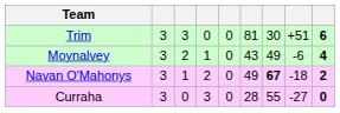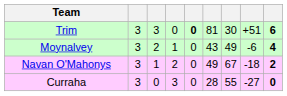 <table class="wikitable" style="text-align:center">
 <tr>
 <th style="width:175px;">Team</th>
 <th width="20"></th>
 <th width="20"></th>
 <th width="20"></th>
 <th width="20"></th>
 <th width="20"></th>
 <th width="20"></th>
 <th width="20"></th>
 <th width="20"></th>
 </tr>
 <tr style="background:#cfc;">
 <td><a href='#'>Trim</a></td>
 <td>3</td>
 <td>3</td>
 <td>0</td>
-<td>0</td>
+<td><strong>0</strong></td>
 <td>81</td>
 <td>30</td>
 <td>+51</td>
 <td><strong>6</strong></td>
 </tr>
 <tr style="background:#cfc;">
 <td><a href='#'>Moynalvey</a></td>
 <td>3</td>
 <td>2</td>
 <td>1</td>
 <td>0</td>
 <td>43</td>
 <td>49</td>
 <td>-6</td>
 <td><strong>4</strong></td>
 </tr>
 <tr style="background:#fcf;">
 <td><a href='#'>Navan O'Mahonys</a></td>
 <td>3</td>
 <td>1</td>
 <td>2</td>
 <td>0</td>
 <td>49</td>
-<td><strong>67</strong></td>
+<td>67</td>
 <td>-18</td>
 <td><strong>2</strong></td>
 </tr>
 <tr style="background:#fcf;">
 <td>Curraha</td>
 <td>3</td>
 <td>0</td>
 <td>3</td>
 <td>0</td>
 <td>28</td>
 <td>55</td>
 <td>-27</td>
 <td><strong>0</strong></td>
 </tr>
 </table>
